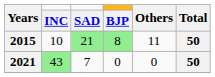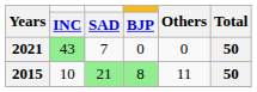 <table class="wikitable" style="text-align:center">
 <tr>
 <th rowspan=2>Years</th>
 <td></td>
 <td></td>
 <td bgcolor=#FBB917></td>
 <th rowspan=2>Others</th>
 <th rowspan=2>Total</th>
 </tr>
 <tr>
 <th><a href='#'>INC</a></th>
 <th><a href='#'>SAD</a></th>
 <th><a href='#'>BJP</a></th>
 </tr>
 <tr>
+<th>2021</th>
+<td bgcolor="lightgreen">43</td>
+<td>7</td>
+<td>0</td>
+<td>0</td>
+<th>50</th>
+</tr>
+<tr>
 <th>2015</th>
 <td>10</td>
 <td bgcolor="lightgreen">21</td>
 <td bgcolor="lightgreen">8</td>
 <td>11</td>
 <th>50</th>
 </tr>
 <tr>
-<th>2021</th>
-<td bgcolor="lightgreen">43</td>
-<td>7</td>
-<td>0</td>
-<td>0</td>
-<th>50</th>
-</tr>
-<tr>
 </tr>
 </table>
